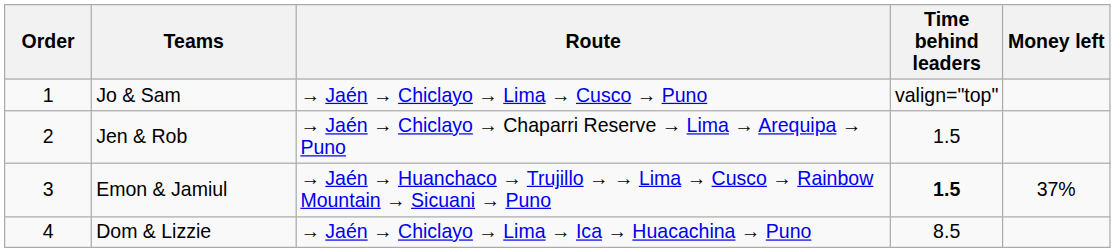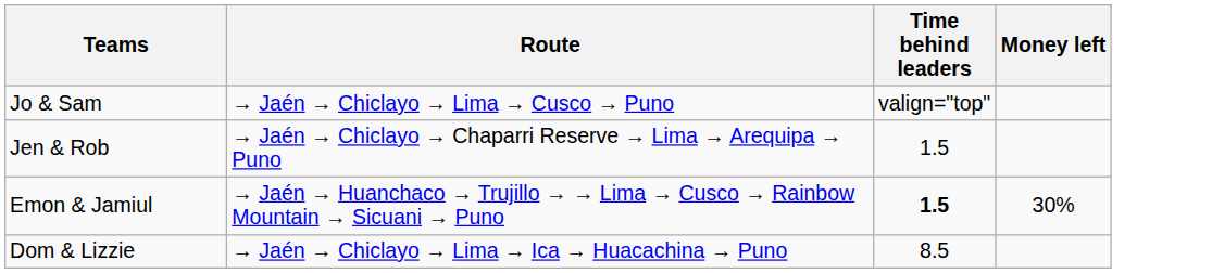 <table class="wikitable sortable" style="text-align:center">
 <tr>
-<th style="width:4em">Order</th>
 <th style="width:10em">Teams</th>
 <th style="width:30em">Route</th>
 <th style="width:5em">Time behind leaders</th>
 <th style="width:5em">Money left</th>
 </tr>
 <tr>
-<td>1</td>
 <td style="text-align:left">Jo & Sam</td>
 <td style="text-align:left"> → <a href='#'>Jaén</a>   → <a href='#'>Chiclayo</a>  → <a href='#'>Lima</a>  → <a href='#'>Cusco</a>    → <a href='#'>Puno</a></td>
 <td>valign="top" </td>
 <td></td>
 </tr>
 <tr>
-<td>2</td>
 <td style="text-align:left">Jen & Rob</td>
 <td style="text-align:left"> → <a href='#'>Jaén</a>   → <a href='#'>Chiclayo</a>  → Chaparri Reserve   → <a href='#'>Lima</a>  → <a href='#'>Arequipa</a>  → <a href='#'>Puno</a></td>
 <td>1.5</td>
 <td></td>
 </tr>
 <tr>
-<td>3</td>
 <td style="text-align:left">Emon & Jamiul</td>
 <td style="text-align:left"> → <a href='#'>Jaén</a>   → <a href='#'>Huanchaco</a>  → <a href='#'>Trujillo</a> →   → <a href='#'>Lima</a>  → <a href='#'>Cusco</a>  → <a href='#'>Rainbow Mountain</a>     → <a href='#'>Sicuani</a>   → <a href='#'>Puno</a></td>
 <td><strong>1.5</strong></td>
-<td>37%</td>
+<td>30%</td>
 </tr>
 <tr>
-<td>4</td>
 <td style="text-align:left">Dom & Lizzie</td>
 <td style="text-align:left"> → <a href='#'>Jaén</a>   → <a href='#'>Chiclayo</a>  → <a href='#'>Lima</a>  → <a href='#'>Ica</a> → <a href='#'>Huacachina</a>   → <a href='#'>Puno</a></td>
 <td>8.5</td>
 <td></td>
 </tr>
 </table>
